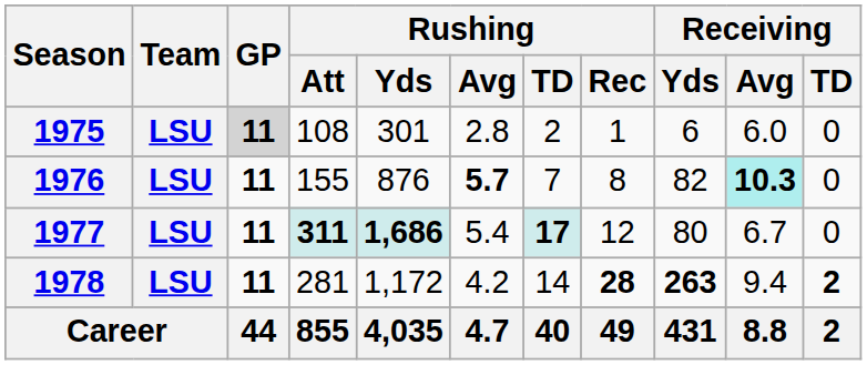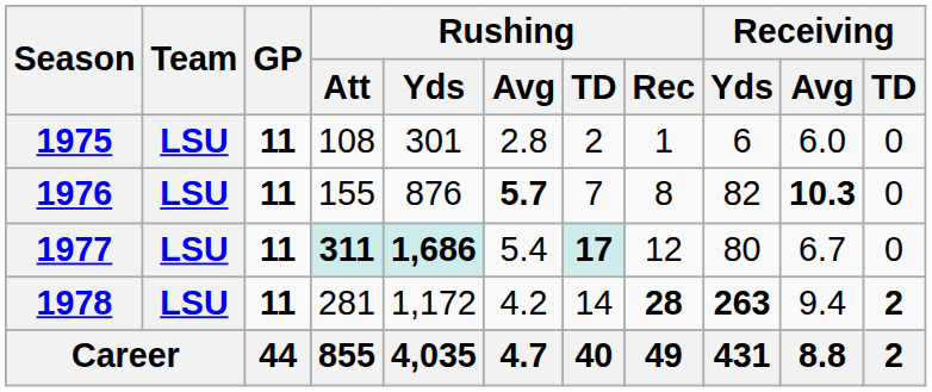 <table class="wikitable" style="text-align:center;">
 <tr>
 <th rowspan="2">Season</th>
 <th rowspan="2">Team</th>
 <th rowspan="2">GP</th>
 <th colspan="5">Rushing</th>
 <th colspan="5">Receiving</th>
 </tr>
 <tr>
 <th>Att</th>
 <th>Yds</th>
 <th>Avg</th>
 <th>TD</th>
 <th>Rec</th>
 <th>Yds</th>
 <th>Avg</th>
 <th>TD</th>
 </tr>
 <tr>
 <th><a href='#'>1975</a></th>
 <th><a href='#'>LSU</a></th>
-<td style="background: lightgrey;"><strong>11</strong></td>
+<td><strong>11</strong></td>
 <td>108</td>
 <td>301</td>
 <td>2.8</td>
 <td>2</td>
 <td>1</td>
 <td>6</td>
 <td>6.0</td>
 <td>0</td>
 </tr>
 <tr>
 <th><a href='#'>1976</a></th>
 <th><a href='#'>LSU</a></th>
 <td><strong>11</strong></td>
 <td>155</td>
 <td>876</td>
 <td><strong>5.7</strong></td>
 <td>7</td>
 <td>8</td>
 <td>82</td>
-<td style="background: paleturquoise;"><strong>10.3</strong></td>
+<td><strong>10.3</strong></td>
 <td>0</td>
 </tr>
 <tr>
 <th><a href='#'>1977</a></th>
 <th><a href='#'>LSU</a></th>
 <td><strong>11</strong></td>
 <td style="background:#cfecec;"><strong>311</strong></td>
 <td style="background:#cfecec;"><strong>1,686</strong></td>
 <td>5.4</td>
 <td style="background:#cfecec;"><strong>17</strong></td>
 <td>12</td>
 <td>80</td>
 <td>6.7</td>
 <td>0</td>
 </tr>
 <tr>
 <th><a href='#'>1978</a></th>
 <th><a href='#'>LSU</a></th>
 <td><strong>11</strong></td>
 <td>281</td>
 <td>1,172</td>
 <td>4.2</td>
 <td>14</td>
 <td><strong>28</strong></td>
 <td><strong>263</strong></td>
 <td>9.4</td>
 <td><strong>2</strong></td>
 </tr>
 <tr>
 <th colspan="2">Career</th>
 <th>44</th>
 <th>855</th>
 <th>4,035</th>
 <th>4.7</th>
 <th>40</th>
 <th>49</th>
 <th>431</th>
 <th>8.8</th>
 <th>2</th>
 </tr>
 </table>
